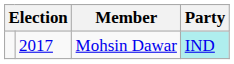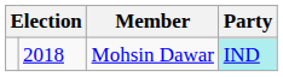 <table class="wikitable">
 <tr>
 <th colspan="2">Election</th>
 <th>Member</th>
 <th>Party</th>
 </tr>
 <tr>
 <td style="background-color: "></td>
-<td><a href='#'>2017</a></td>
+<td><a href='#'>2018</a></td>
 <td><a href='#'>Mohsin Dawar</a></td>
 <td style="background: paleturquoise;"><a href='#'>IND</a></td>
 </tr>
 </table>
